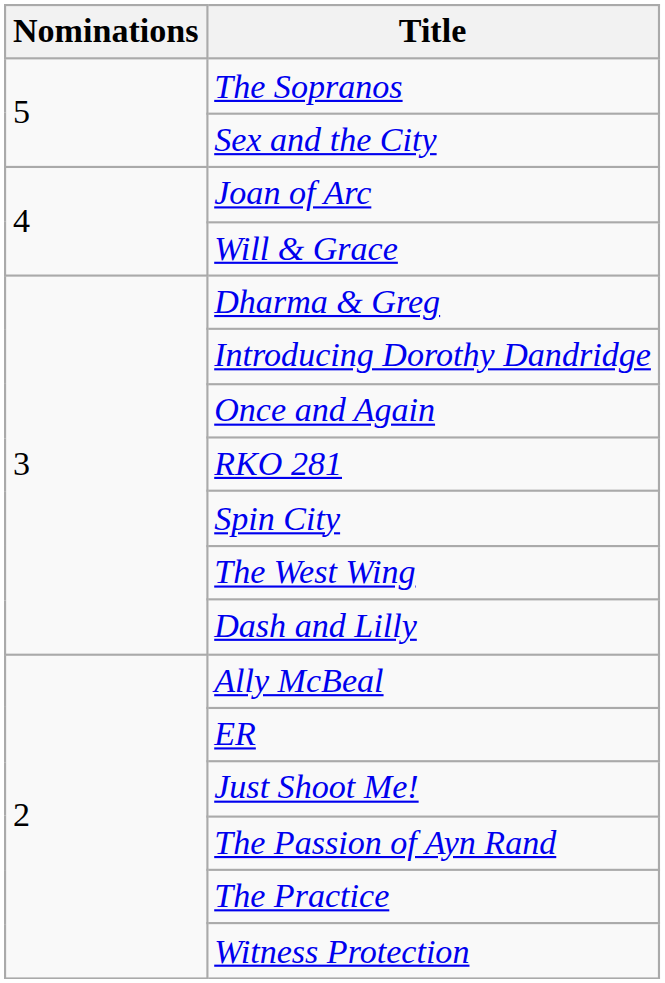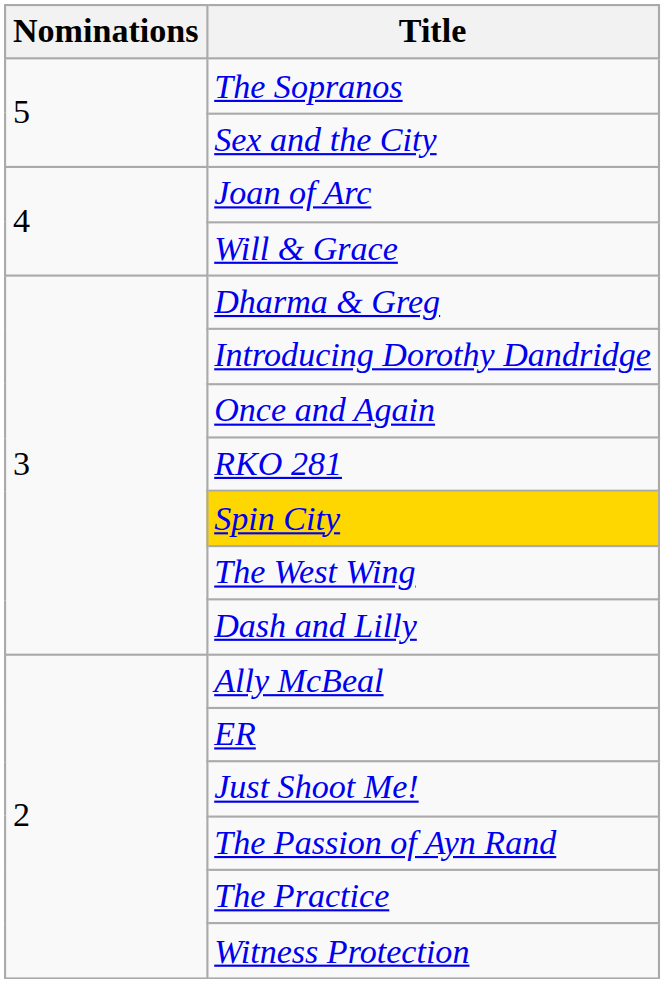 <table class="wikitable">
 <tr>
 <th>Nominations</th>
 <th>Title</th>
 </tr>
 <tr>
 <td rowspan="2">5</td>
 <td><em><a href='#'>The Sopranos</a></em></td>
 </tr>
 <tr>
 <td><em><a href='#'>Sex and the City</a></em></td>
 </tr>
 <tr>
 <td rowspan="2">4</td>
 <td><em><a href='#'>Joan of Arc</a></em></td>
 </tr>
 <tr>
 <td><em><a href='#'>Will & Grace</a></em></td>
 </tr>
 <tr>
 <td rowspan="7">3</td>
 <td><em><a href='#'>Dharma & Greg</a></em></td>
 </tr>
 <tr>
 <td><em><a href='#'>Introducing Dorothy Dandridge</a></em></td>
 </tr>
 <tr>
 <td><em><a href='#'>Once and Again</a></em></td>
 </tr>
 <tr>
 <td><em><a href='#'>RKO 281</a></em></td>
 </tr>
 <tr>
-<td><em><a href='#'>Spin City</a></em></td>
+<td style="background: gold;"><em><a href='#'>Spin City</a></em></td>
 </tr>
 <tr>
 <td><em><a href='#'>The West Wing</a></em></td>
 </tr>
 <tr>
 <td><em><a href='#'>Dash and Lilly</a></em></td>
 </tr>
 <tr>
 <td rowspan="6">2</td>
 <td><em><a href='#'>Ally McBeal</a></em></td>
 </tr>
 <tr>
 <td><em><a href='#'>ER</a></em></td>
 </tr>
 <tr>
 <td><em><a href='#'>Just Shoot Me!</a></em></td>
 </tr>
 <tr>
 <td><em><a href='#'>The Passion of Ayn Rand</a></em></td>
 </tr>
 <tr>
 <td><em><a href='#'>The Practice</a></em></td>
 </tr>
 <tr>
 <td><em><a href='#'>Witness Protection</a></em></td>
 </tr>
 </table>
